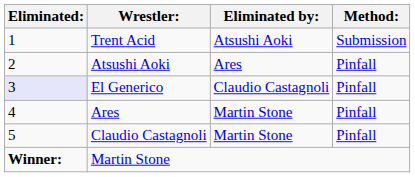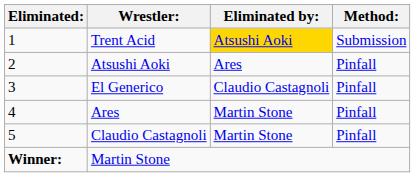 <table class="wikitable sortable">
 <tr>
 <th>Eliminated:</th>
 <th>Wrestler:</th>
 <th>Eliminated by:</th>
 <th>Method:</th>
 </tr>
 <tr>
 <td>1</td>
 <td><a href='#'>Trent Acid</a></td>
-<td><a href='#'>Atsushi Aoki</a></td>
+<td style="background: gold;"><a href='#'>Atsushi Aoki</a></td>
 <td><a href='#'>Submission</a></td>
 </tr>
 <tr>
 <td>2</td>
 <td><a href='#'>Atsushi Aoki</a></td>
 <td><a href='#'>Ares</a></td>
 <td><a href='#'>Pinfall</a></td>
 </tr>
 <tr>
-<td style="background: lavender;">3</td>
+<td>3</td>
 <td><a href='#'>El Generico</a></td>
 <td><a href='#'>Claudio Castagnoli</a></td>
 <td><a href='#'>Pinfall</a></td>
 </tr>
 <tr>
 <td>4</td>
 <td><a href='#'>Ares</a></td>
 <td><a href='#'>Martin Stone</a></td>
 <td><a href='#'>Pinfall</a></td>
 </tr>
 <tr>
 <td>5</td>
 <td><a href='#'>Claudio Castagnoli</a></td>
 <td><a href='#'>Martin Stone</a></td>
 <td><a href='#'>Pinfall</a></td>
 </tr>
 <tr>
 <td><strong>Winner:</strong></td>
 <td colspan="3"><a href='#'>Martin Stone</a></td>
 </tr>
 </table>
